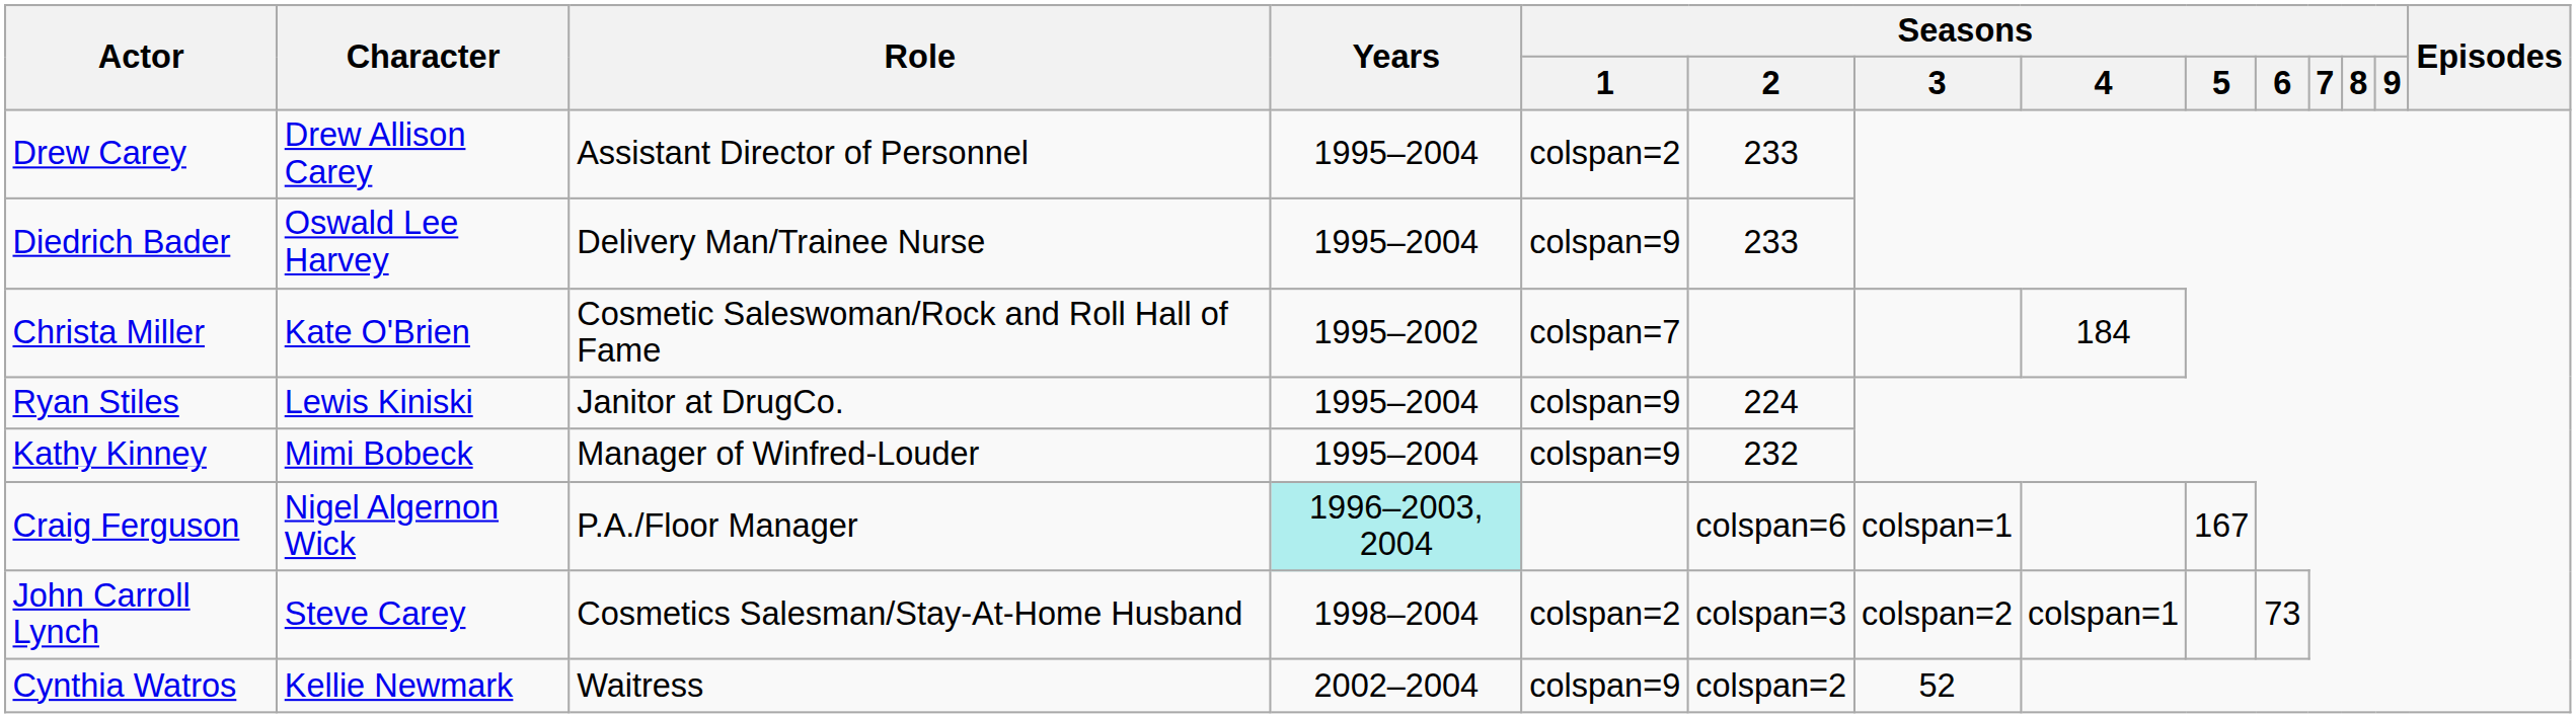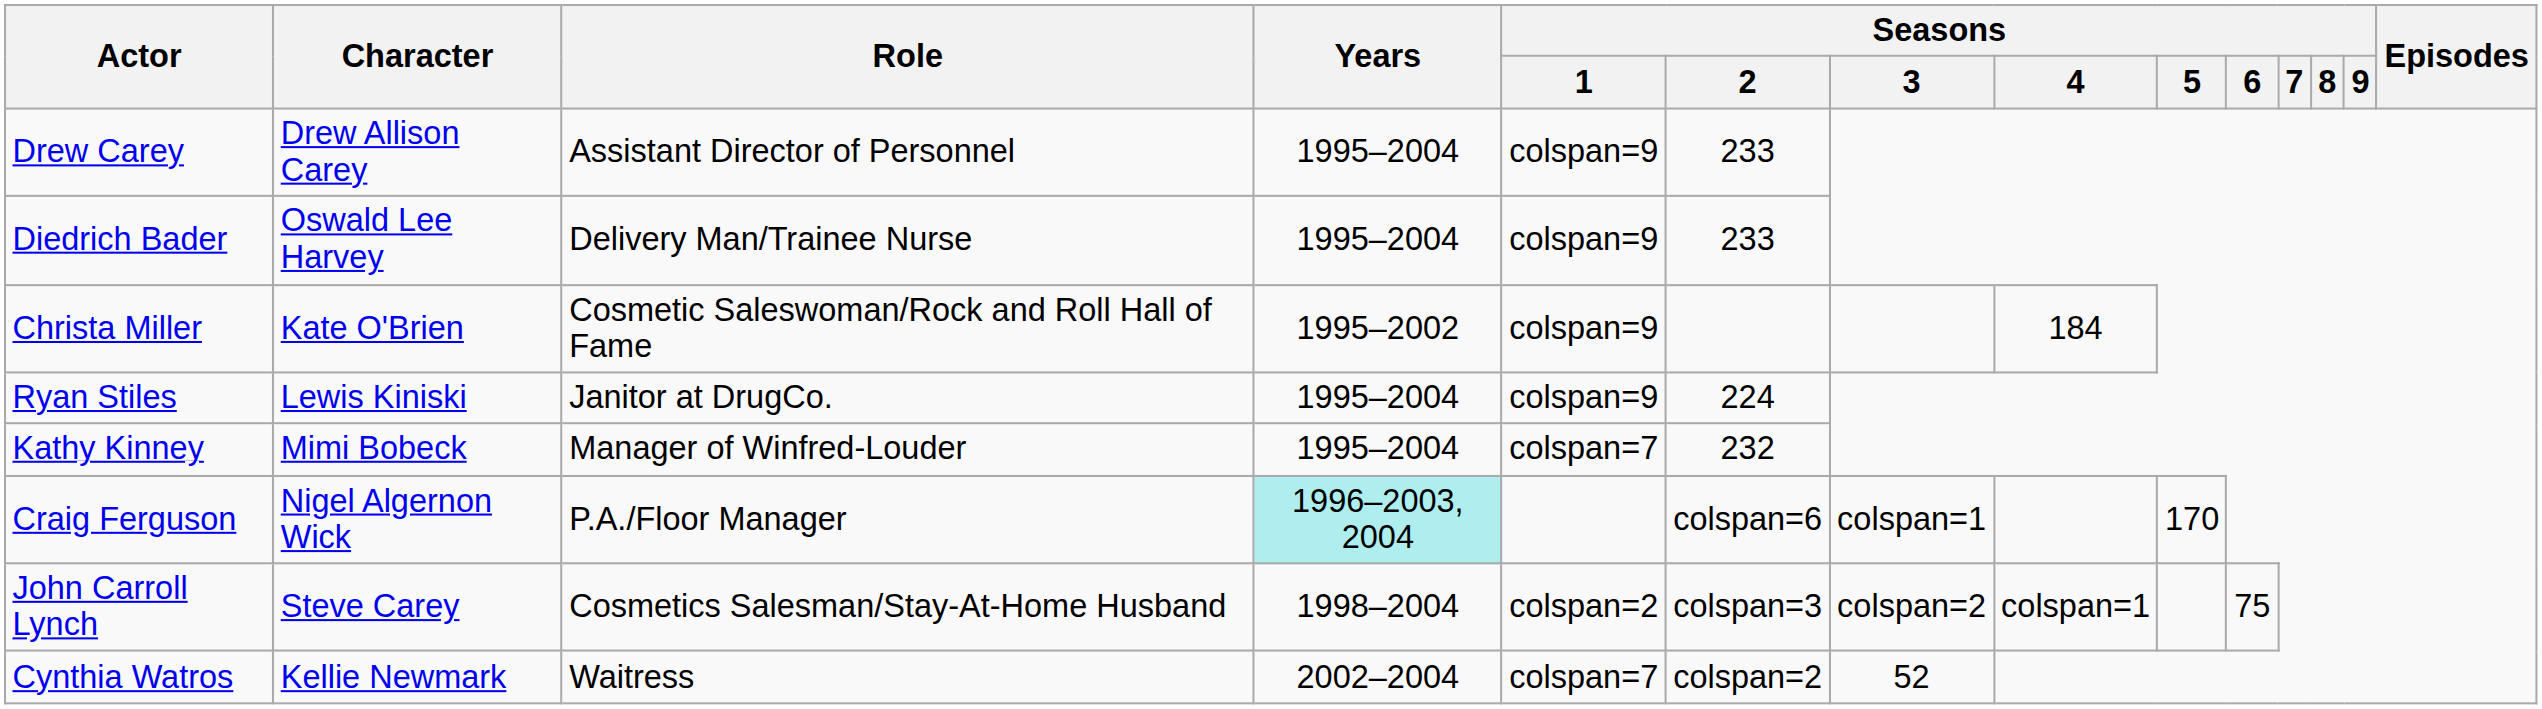 <table class="wikitable sortable">
 <tr>
 <th rowspan="2">Actor</th>
 <th rowspan="2">Character</th>
 <th rowspan="2">Role</th>
 <th rowspan="2">Years</th>
 <th colspan="9">Seasons</th>
 <th rowspan="2">Episodes</th>
 </tr>
 <tr>
 <th>1</th>
 <th>2</th>
 <th>3</th>
 <th>4</th>
 <th>5</th>
 <th>6</th>
 <th>7</th>
 <th>8</th>
 <th>9</th>
 </tr>
 <tr>
 <td><a href='#'>Drew Carey</a></td>
 <td><a href='#'>Drew Allison Carey</a></td>
 <td>Assistant Director of Personnel</td>
 <td rowspan="1" align="center">1995–2004</td>
-<td>colspan=2 </td>
+<td>colspan=9 </td>
 <td rowspan="1" align="center">233</td>
 </tr>
 <tr>
 <td><a href='#'>Diedrich Bader</a></td>
 <td><a href='#'>Oswald Lee Harvey</a></td>
 <td>Delivery Man/Trainee Nurse</td>
 <td rowspan="1" align="center">1995–2004</td>
 <td>colspan=9 </td>
 <td rowspan="1" align="center">233</td>
 </tr>
 <tr>
 <td><a href='#'>Christa Miller</a></td>
 <td><a href='#'>Kate O'Brien</a></td>
 <td>Cosmetic Saleswoman/Rock and Roll Hall of Fame</td>
 <td rowspan="1" align="center">1995–2002</td>
-<td>colspan=7 </td>
+<td>colspan=9 </td>
 <td> </td>
 <td></td>
 <td rowspan="1" align="center">184</td>
 </tr>
 <tr>
 <td><a href='#'>Ryan Stiles</a></td>
 <td><a href='#'>Lewis Kiniski</a></td>
 <td>Janitor at DrugCo.</td>
 <td rowspan="1" align="center">1995–2004</td>
 <td>colspan=9 </td>
 <td rowspan="1" align="center">224</td>
 </tr>
 <tr>
 <td><a href='#'>Kathy Kinney</a></td>
 <td><a href='#'>Mimi Bobeck</a></td>
 <td>Manager of Winfred-Louder</td>
 <td rowspan="1" align="center">1995–2004</td>
-<td>colspan=9 </td>
+<td>colspan=7 </td>
 <td rowspan="1" align="center">232</td>
 </tr>
 <tr>
 <td><a href='#'>Craig Ferguson</a></td>
 <td><a href='#'>Nigel Algernon Wick</a></td>
 <td>P.A./Floor Manager</td>
 <td rowspan="1" align="center" style="background: paleturquoise;">1996–2003, 2004</td>
 <td></td>
 <td>colspan=6 </td>
 <td>colspan=1  </td>
 <td></td>
-<td rowspan="1" align="center">167</td>
+<td rowspan="1" align="center">170</td>
 </tr>
 <tr>
 <td><a href='#'>John Carroll Lynch</a></td>
 <td><a href='#'>Steve Carey</a></td>
 <td>Cosmetics Salesman/Stay-At-Home Husband</td>
 <td rowspan="1" align="center">1998–2004</td>
 <td>colspan=2 </td>
 <td>colspan=3 </td>
 <td>colspan=2 </td>
 <td>colspan=1  </td>
 <td></td>
-<td rowspan="1" align="center">73</td>
+<td rowspan="1" align="center">75</td>
 </tr>
 <tr>
 <td><a href='#'>Cynthia Watros</a></td>
 <td><a href='#'>Kellie Newmark</a></td>
 <td>Waitress</td>
 <td rowspan="1" align="center">2002–2004</td>
-<td>colspan=9 </td>
+<td>colspan=7 </td>
 <td>colspan=2 </td>
 <td rowspan="1" align="center">52</td>
 </tr>
 </table>
